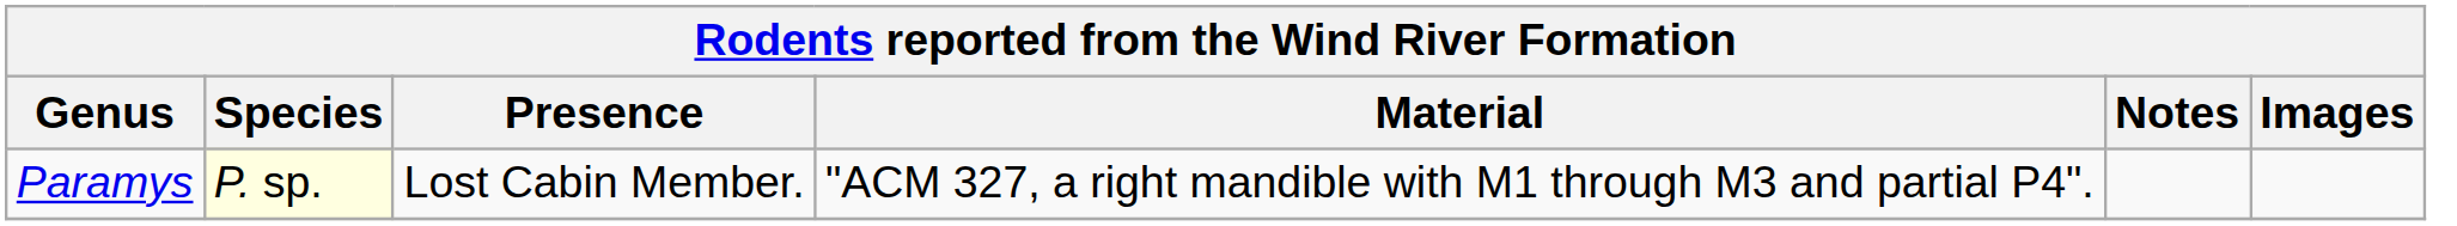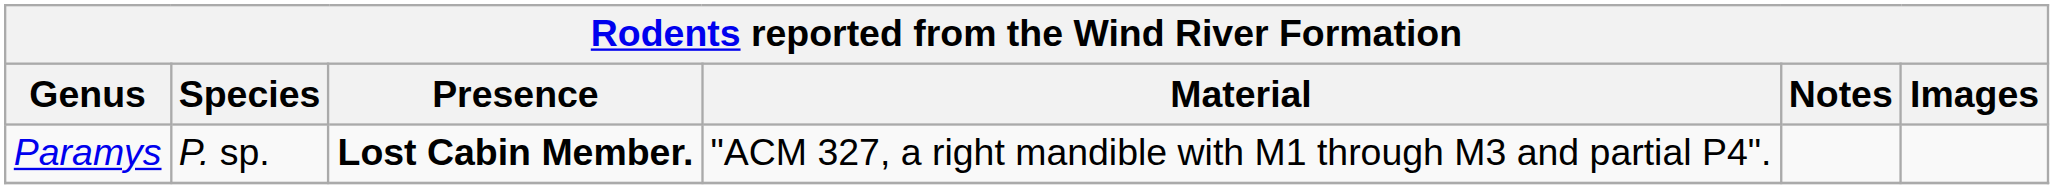 <table class="wikitable" align="center">
 <tr>
 <th colspan="6" align="center"><strong><a href='#'>Rodents</a> reported from the Wind River Formation</strong></th>
 </tr>
 <tr>
 <th>Genus</th>
 <th>Species</th>
 <th>Presence</th>
 <th><strong>Material</strong></th>
 <th>Notes</th>
 <th>Images</th>
 </tr>
 <tr>
 <td><em><a href='#'>Paramys</a></em></td>
-<td style="background: lightyellow;"><em>P.</em> sp.</td>
-<td>Lost Cabin Member.</td>
+<td><em>P.</em> sp.</td>
+<td><strong>Lost Cabin Member.</strong></td>
 <td>"ACM 327, a right mandible with M1 through M3 and partial P4".</td>
 <td></td>
 <td></td>
 </tr>
 <tr>
 </tr>
 </table>
